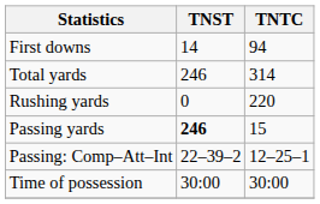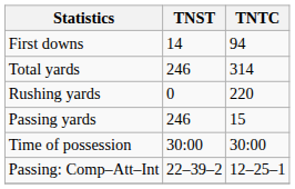 <table class="wikitable" style="float: left;">
 <tr>
 <th>Statistics</th>
 <th>TNST</th>
 <th>TNTC</th>
 </tr>
 <tr>
 <td>First downs</td>
 <td>14</td>
 <td>94</td>
 </tr>
 <tr>
 <td>Total yards</td>
 <td>246</td>
 <td>314</td>
 </tr>
 <tr>
 <td>Rushing yards</td>
 <td>0</td>
 <td>220</td>
 </tr>
 <tr>
 <td>Passing yards</td>
-<td><strong>246</strong></td>
+<td>246</td>
 <td>15</td>
+</tr>
+<tr>
+<td>Time of possession</td>
+<td>30:00</td>
+<td>30:00</td>
 </tr>
 <tr>
 <td>Passing: Comp–Att–Int</td>
 <td>22–39–2</td>
 <td>12–25–1</td>
 </tr>
 <tr>
-<td>Time of possession</td>
-<td>30:00</td>
-<td>30:00</td>
-</tr>
-<tr>
 </tr>
 </table>
